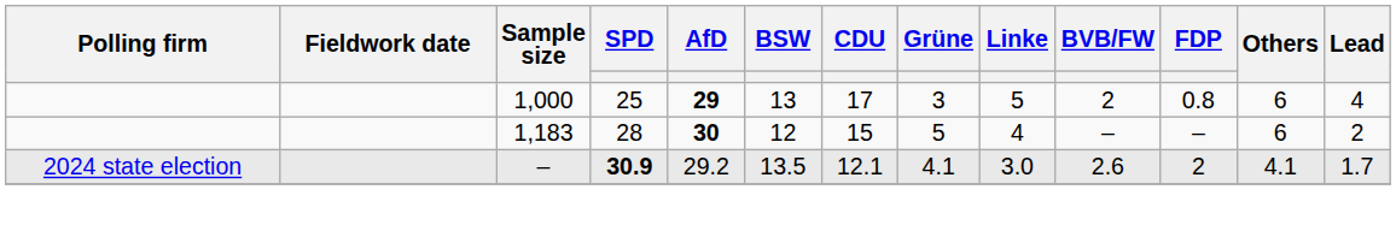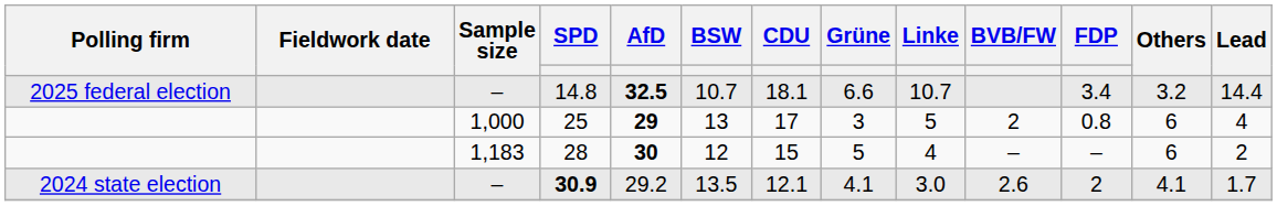 <table class="wikitable sortable" style="text-align:center;font-size:90%;line-height:14px;">
 <tr style="height:40px;">
 <th style="width:160px;" rowspan="2">Polling firm</th>
 <th style="width:125px;" rowspan="2">Fieldwork date</th>
 <th style="width:35px;" rowspan="2">Sample<br>size</th>
 <th class="unsortable" style="width:40px;"><a href='#'>SPD</a></th>
 <th class="unsortable" style="width:40px;"><a href='#'>AfD</a></th>
 <th class="unsortable" style="width:40px;"><a href='#'>BSW</a></th>
 <th class="unsortable" style="width:40px;"><a href='#'>CDU</a></th>
 <th class="unsortable" style="width:40px;"><a href='#'>Grüne</a></th>
 <th class="unsortable" style="width:40px;"><a href='#'>Linke</a></th>
 <th class="unsortable" style="width:40px;"><a href='#'>BVB/FW</a></th>
 <th class="unsortable" style="width:40px;"><a href='#'>FDP</a></th>
 <th rowspan="2" class="unsortable" style="width:40px;">Others</th>
 <th style="width:30px;" rowspan="2">Lead</th>
 </tr>
 <tr>
 <th style="background:"></th>
 <th style="background:"></th>
 <th style="background:"></th>
 <th style="background:"></th>
 <th style="background:"></th>
 <th style="background:"></th>
 <th style="background:"></th>
 <th style="background:"></th>
+</tr>
+<tr style="background:#E9E9E9;">
+<td><a href='#'>2025 federal election</a></td>
+<td></td>
+<td>–</td>
+<td>14.8</td>
+<td><strong>32.5</strong></td>
+<td>10.7</td>
+<td>18.1</td>
+<td>6.6</td>
+<td>10.7</td>
+<td></td>
+<td>3.4</td>
+<td>3.2</td>
+<td style="background:">14.4</td>
 </tr>
 <tr>
 <td></td>
 <td></td>
 <td>1,000</td>
 <td>25</td>
 <td><strong>29</strong></td>
 <td>13</td>
 <td>17</td>
 <td>3</td>
 <td>5</td>
 <td>2</td>
 <td>0.8</td>
 <td>6</td>
 <td style="background:">4</td>
 </tr>
 <tr>
 <td></td>
 <td></td>
 <td>1,183</td>
 <td>28</td>
 <td><strong>30</strong></td>
 <td>12</td>
 <td>15</td>
 <td>5</td>
 <td>4</td>
 <td>–</td>
 <td>–</td>
 <td>6</td>
 <td style="background:">2</td>
 </tr>
 <tr style="background:#E9E9E9;">
 <td><a href='#'>2024 state election</a></td>
 <td></td>
 <td>–</td>
 <td><strong>30.9</strong></td>
 <td>29.2</td>
 <td>13.5</td>
 <td>12.1</td>
 <td>4.1</td>
 <td>3.0</td>
 <td>2.6</td>
 <td>2</td>
 <td>4.1</td>
 <td style="background:">1.7</td>
 </tr>
 <tr>
 </tr>
 </table>
